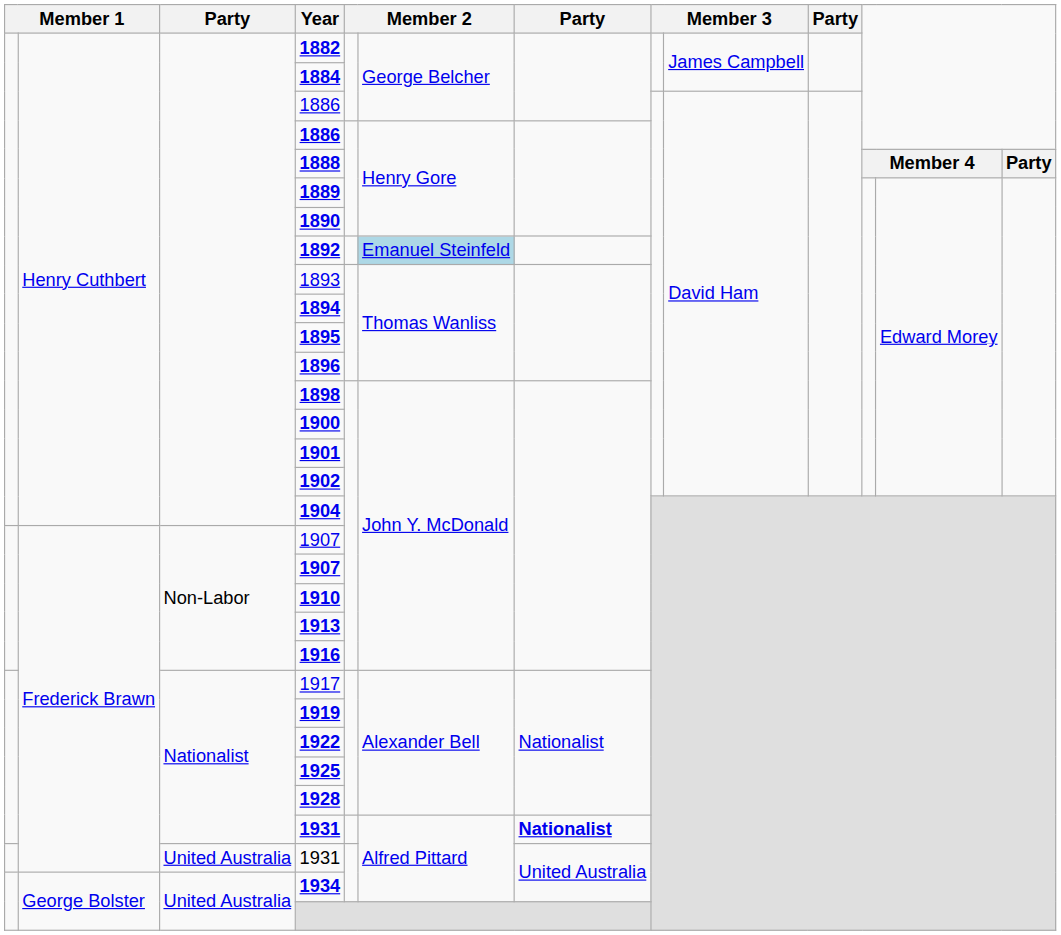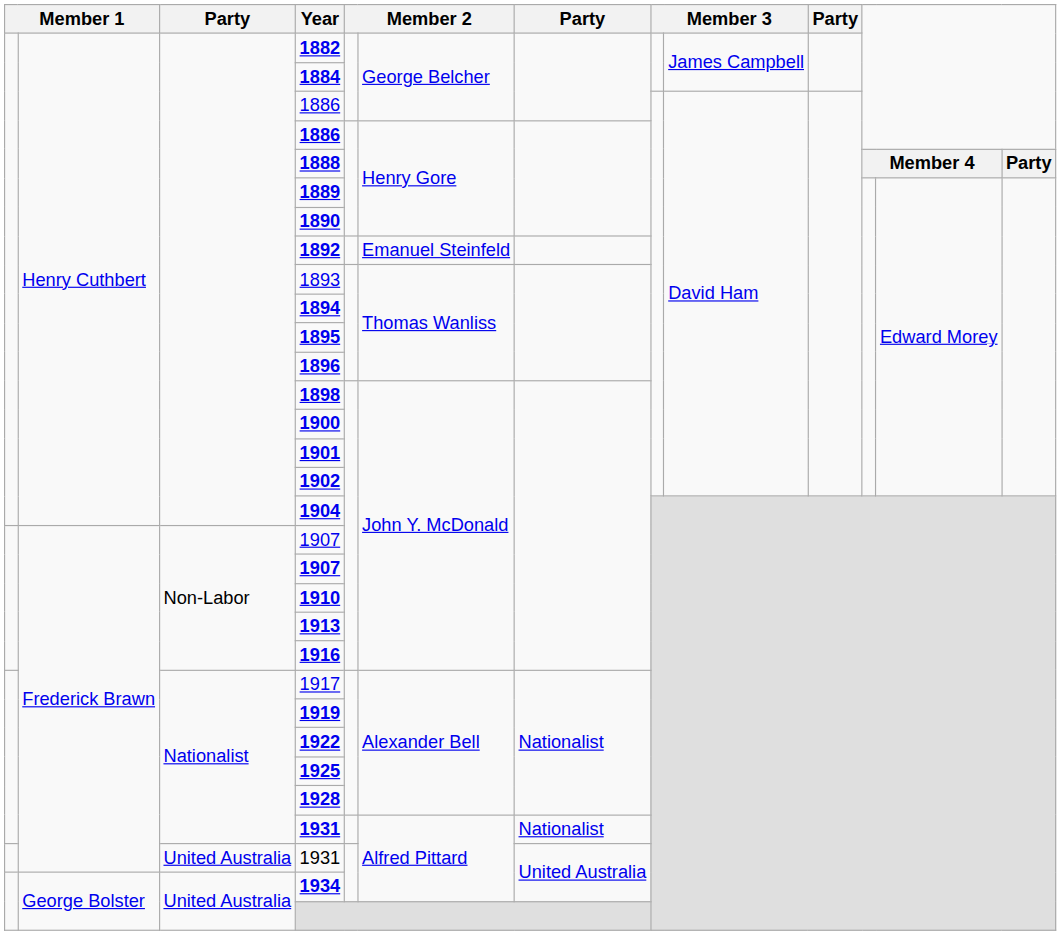 <table class="wikitable">
 <tr>
 <th colspan=2>Member 1</th>
 <th>Party</th>
 <th>Year</th>
 <th colspan=2>Member 2</th>
 <th>Party</th>
 <th colspan=2>Member 3</th>
 <th>Party</th>
 </tr>
 <tr>
 <td rowspan=17 > </td>
 <td rowspan=17><a href='#'>Henry Cuthbert</a></td>
 <td rowspan=17> </td>
 <td><strong><a href='#'>1882</a></strong></td>
 <td rowspan=3 > </td>
 <td rowspan=3><a href='#'>George Belcher</a></td>
 <td rowspan=3> </td>
 <td rowspan=2 > </td>
 <td rowspan=2><a href='#'>James Campbell</a></td>
 <td rowspan=2> </td>
 </tr>
 <tr>
 <td><strong><a href='#'>1884</a></strong></td>
 </tr>
 <tr>
 <td><a href='#'>1886</a></td>
 <td rowspan=14 > </td>
 <td rowspan=14><a href='#'>David Ham</a></td>
 <td rowspan=14> </td>
 </tr>
 <tr>
 <td><strong><a href='#'>1886</a></strong></td>
 <td rowspan=4 > </td>
 <td rowspan=4><a href='#'>Henry Gore</a></td>
 <td rowspan=4> </td>
 </tr>
 <tr>
 <td><strong><a href='#'>1888</a></strong></td>
 <th colspan=2>Member 4</th>
 <th>Party</th>
 </tr>
 <tr>
 <td><strong><a href='#'>1889</a></strong></td>
 <td rowspan=11 > </td>
 <td rowspan=11><a href='#'>Edward Morey</a></td>
 <td rowspan=11> </td>
 </tr>
 <tr>
 <td><strong><a href='#'>1890</a></strong></td>
 </tr>
 <tr>
 <td><strong><a href='#'>1892</a></strong></td>
 <td> </td>
-<td style="background: lightblue;"><a href='#'>Emanuel Steinfeld</a></td>
+<td><a href='#'>Emanuel Steinfeld</a></td>
 <td> </td>
 </tr>
 <tr>
 <td><a href='#'>1893</a></td>
 <td rowspan=4 > </td>
 <td rowspan=4><a href='#'>Thomas Wanliss</a></td>
 <td rowspan=4> </td>
 </tr>
 <tr>
 <td><strong><a href='#'>1894</a></strong></td>
 </tr>
 <tr>
 <td><strong><a href='#'>1895</a></strong></td>
 </tr>
 <tr>
 <td><strong><a href='#'>1896</a></strong></td>
 </tr>
 <tr>
 <td><strong><a href='#'>1898</a></strong></td>
 <td rowspan=10 > </td>
 <td rowspan=10><a href='#'>John Y. McDonald</a></td>
 <td rowspan=10> </td>
 </tr>
 <tr>
 <td><strong><a href='#'>1900</a></strong></td>
 </tr>
 <tr>
 <td><strong><a href='#'>1901</a></strong></td>
 </tr>
 <tr>
 <td><strong><a href='#'>1902</a></strong></td>
 </tr>
 <tr>
 <td><strong><a href='#'>1904</a></strong></td>
 <td rowspan=15 colspan=6  bgcolor=#DFDFDF> </td>
 </tr>
 <tr>
 <td rowspan=5 > </td>
 <td rowspan=12><a href='#'>Frederick Brawn</a></td>
 <td rowspan=5>Non-Labor</td>
 <td><a href='#'>1907</a></td>
 </tr>
 <tr>
 <td><strong><a href='#'>1907</a></strong></td>
 </tr>
 <tr>
 <td><strong><a href='#'>1910</a></strong></td>
 </tr>
 <tr>
 <td><strong><a href='#'>1913</a></strong></td>
 </tr>
 <tr>
 <td><strong><a href='#'>1916</a></strong></td>
 </tr>
 <tr>
 <td rowspan=6 > </td>
 <td rowspan=6><a href='#'>Nationalist</a></td>
 <td><a href='#'>1917</a></td>
 <td rowspan=5 > </td>
 <td rowspan=5><a href='#'>Alexander Bell</a></td>
 <td rowspan=5><a href='#'>Nationalist</a></td>
 </tr>
 <tr>
 <td><strong><a href='#'>1919</a></strong></td>
 </tr>
 <tr>
 <td><strong><a href='#'>1922</a></strong></td>
 </tr>
 <tr>
 <td><strong><a href='#'>1925</a></strong></td>
 </tr>
 <tr>
 <td><strong><a href='#'>1928</a></strong></td>
 </tr>
 <tr>
 <td><strong><a href='#'>1931</a></strong></td>
 <td> </td>
 <td rowspan=3><a href='#'>Alfred Pittard</a></td>
-<td><strong><a href='#'>Nationalist</a></strong></td>
+<td><a href='#'>Nationalist</a></td>
 </tr>
 <tr>
 <td> </td>
 <td><a href='#'>United Australia</a></td>
 <td>1931</td>
 <td rowspan=2 > </td>
 <td rowspan=2><a href='#'>United Australia</a></td>
 </tr>
 <tr>
 <td rowspan=2 > </td>
 <td rowspan=2><a href='#'>George Bolster</a></td>
 <td rowspan=2><a href='#'>United Australia</a></td>
 <td><strong><a href='#'>1934</a></strong></td>
 </tr>
 <tr>
 <td colspan=4  bgcolor=#DFDFDF> </td>
 </tr>
 </table>
